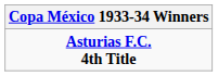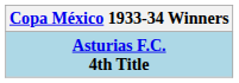 <table class="wikitable" style="text-align: center; margin: 0 auto;">
 <tr>
 <th><a href='#'>Copa México</a> 1933-34 Winners</th>
 </tr>
 <tr>
-<td><strong><a href='#'>Asturias F.C.</a></strong><br><strong>4th Title</strong></td>
+<td style="background: lightblue;"><strong><a href='#'>Asturias F.C.</a></strong><br><strong>4th Title</strong></td>
 </tr>
 </table>
